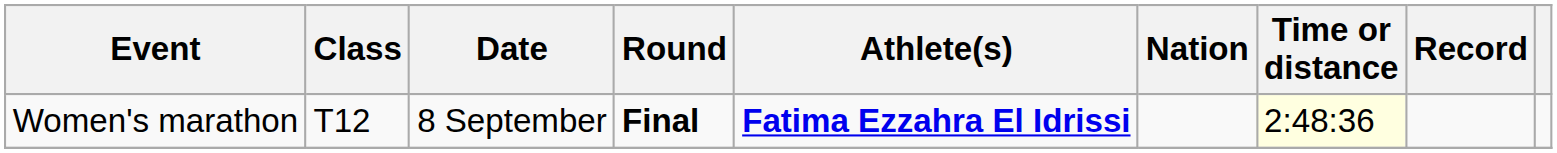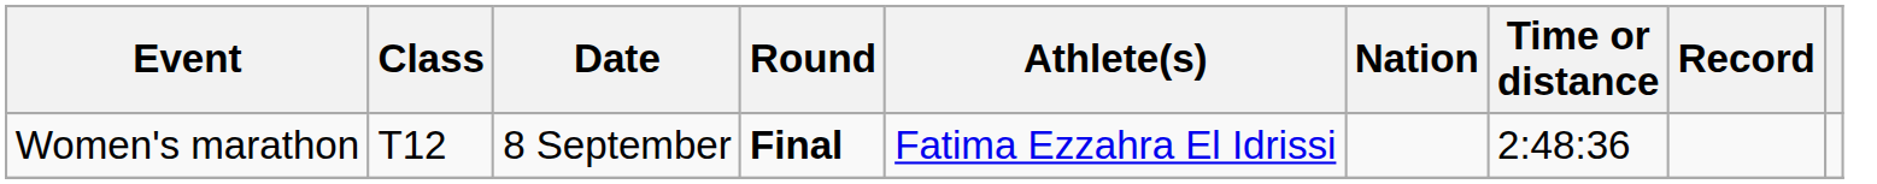 <table class="wikitable sortable">
 <tr>
 <th>Event</th>
 <th>Class</th>
 <th>Date</th>
 <th>Round</th>
 <th>Athlete(s)</th>
 <th>Nation</th>
 <th>Time or<br>distance</th>
 <th>Record</th>
 <th class="unsortable"></th>
 </tr>
 <tr>
 <td>Women's marathon</td>
 <td>T12</td>
 <td>8 September</td>
 <td><strong>Final</strong></td>
-<td><strong><a href='#'>Fatima Ezzahra El Idrissi</a></strong></td>
+<td><a href='#'>Fatima Ezzahra El Idrissi</a></td>
 <td></td>
-<td style="background: lightyellow;">2:48:36</td>
+<td>2:48:36</td>
 <td><strong></strong></td>
 <td></td>
 </tr>
 <tr>
 </tr>
 </table>
